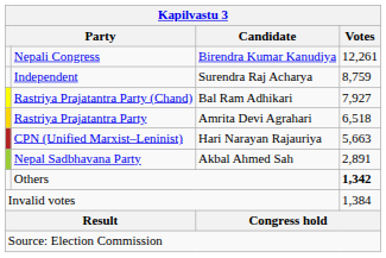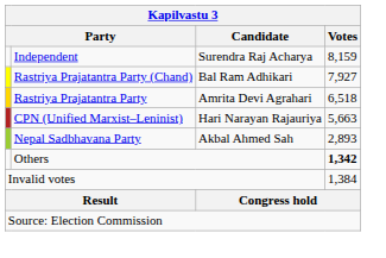 <table class="wikitable">
 <tr>
 <th colspan="4"><a href='#'>Kapilvastu 3</a></th>
 </tr>
 <tr>
 <th colspan="2">Party</th>
 <th>Candidate</th>
 <th>Votes</th>
 </tr>
 <tr>
 <td style="background-color:"></td>
-<td><a href='#'>Nepali Congress</a></td>
-<td><a href='#'>Birendra Kumar Kanudiya</a></td>
-<td>12,261</td>
-</tr>
-<tr>
-<td style="background-color:"></td>
 <td><a href='#'>Independent</a></td>
 <td>Surendra Raj Acharya</td>
-<td>8,759</td>
+<td>8,159</td>
 </tr>
 <tr>
 <td style="background-color:yellow"></td>
 <td><a href='#'>Rastriya Prajatantra Party (Chand)</a></td>
 <td>Bal Ram Adhikari</td>
 <td>7,927</td>
 </tr>
 <tr>
 <td style="background-color:gold"></td>
 <td><a href='#'>Rastriya Prajatantra Party</a></td>
 <td>Amrita Devi Agrahari</td>
 <td>6,518</td>
 </tr>
 <tr>
 <td style="background-color:firebrick"></td>
 <td><a href='#'>CPN (Unified Marxist–Leninist)</a></td>
 <td>Hari Narayan Rajauriya</td>
 <td>5,663</td>
 </tr>
 <tr>
 <td style="background-color:yellowgreen"></td>
 <td><a href='#'>Nepal Sadbhavana Party</a></td>
 <td>Akbal Ahmed Sah</td>
-<td>2,891</td>
+<td>2,893</td>
 </tr>
 <tr>
 <td></td>
 <td colspan="2">Others</td>
 <td><strong>1,342</strong></td>
 </tr>
 <tr>
 <td colspan="3">Invalid votes</td>
 <td>1,384</td>
 </tr>
 <tr>
 <th colspan="2">Result</th>
 <th colspan="2">Congress hold</th>
 </tr>
 <tr>
 <td colspan="4">Source: Election Commission</td>
 </tr>
 </table>
